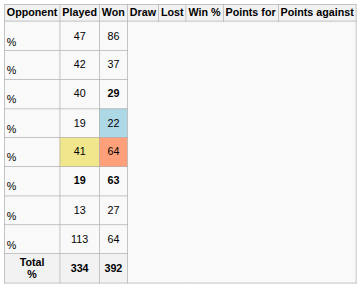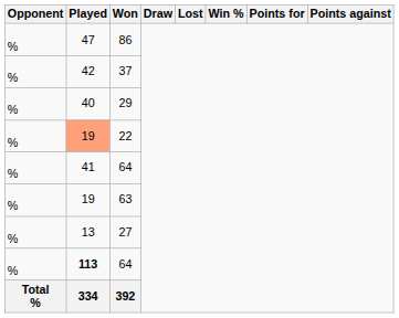 <table class="wikitable sortable" style="text-align:center">
 <tr>
 <th>Opponent</th>
 <th>Played</th>
 <th>Won</th>
 <th>Draw</th>
 <th>Lost</th>
 <th>Win %</th>
 <th>Points for</th>
 <th>Points against</th>
 </tr>
 <tr>
 <td align=left><br>%</td>
 <td>47</td>
 <td>86</td>
 </tr>
 <tr>
 <td align=left><br>%</td>
 <td>42</td>
 <td>37</td>
 </tr>
 <tr>
 <td align=left><br>%</td>
 <td>40</td>
-<td><strong>29</strong></td>
+<td>29</td>
+</tr>
+<tr>
+<td align=left><br>%</td>
+<td style="background: lightsalmon;">19</td>
+<td>22</td>
+</tr>
+<tr>
+<td align=left><br>%</td>
+<td>41</td>
+<td>64</td>
 </tr>
 <tr>
 <td align=left><br>%</td>
 <td>19</td>
-<td style="background: lightblue;">22</td>
-</tr>
-<tr>
-<td align=left><br>%</td>
-<td style="background: khaki;">41</td>
-<td style="background: lightsalmon;">64</td>
-</tr>
-<tr>
-<td align=left><br>%</td>
-<td><strong>19</strong></td>
-<td><strong>63</strong></td>
+<td>63</td>
 </tr>
 <tr>
 <td align=left><br>%</td>
 <td>13</td>
 <td>27</td>
 </tr>
 <tr>
 <td align=left><br>%</td>
-<td>113</td>
+<td><strong>113</strong></td>
 <td>64</td>
 </tr>
 <tr>
 <th>Total<br>%</th>
 <th>334</th>
 <th>392</th>
 </tr>
 </table>
